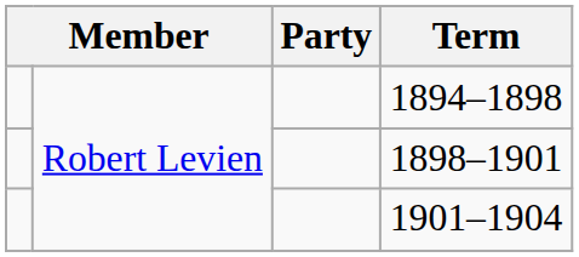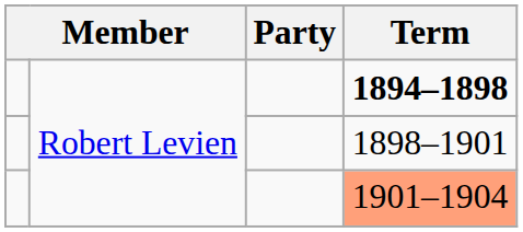 <table class="wikitable">
 <tr>
 <th colspan="2">Member</th>
 <th>Party</th>
 <th>Term</th>
 </tr>
 <tr>
 <td> </td>
 <td rowspan="3"><a href='#'>Robert Levien</a></td>
 <td></td>
-<td>1894–1898</td>
+<td><strong>1894–1898</strong></td>
 </tr>
 <tr>
 <td> </td>
 <td></td>
 <td>1898–1901</td>
 </tr>
 <tr>
 <td> </td>
 <td></td>
-<td>1901–1904</td>
+<td style="background: lightsalmon;">1901–1904</td>
 </tr>
 </table>
